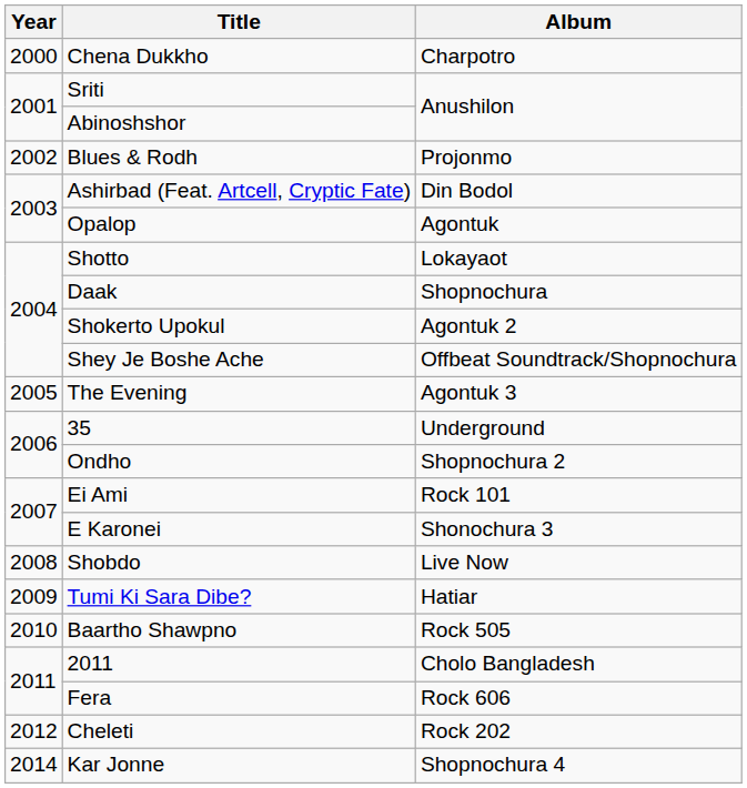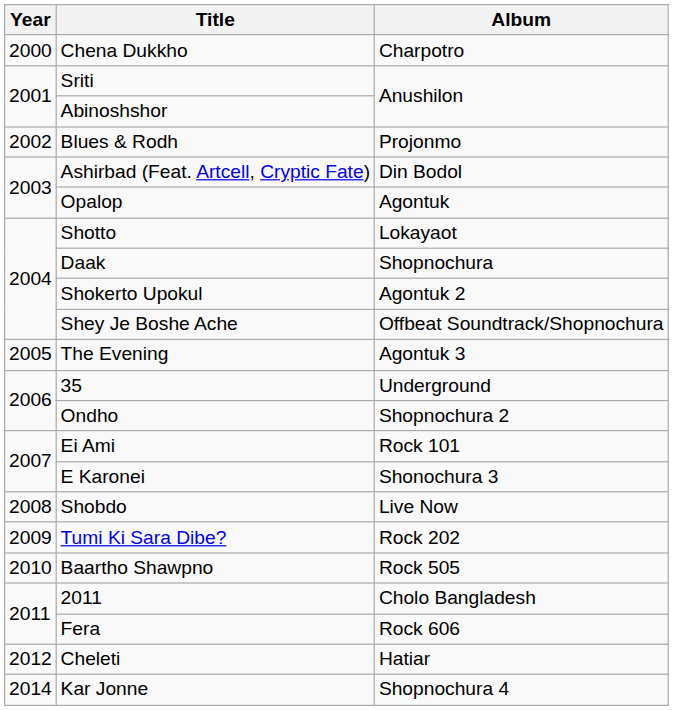 <table class="wikitable">
 <tr>
 <th width="33">Year</th>
 <th>Title</th>
 <th>Album</th>
 </tr>
 <tr>
 <td>2000</td>
 <td>Chena Dukkho</td>
 <td>Charpotro</td>
 </tr>
 <tr>
 <td rowspan="2">2001</td>
 <td>Sriti</td>
 <td rowspan="2">Anushilon</td>
 </tr>
 <tr>
 <td>Abinoshshor</td>
 </tr>
 <tr>
 <td>2002</td>
 <td>Blues & Rodh</td>
 <td>Projonmo</td>
 </tr>
 <tr>
 <td rowspan="2">2003</td>
 <td>Ashirbad (Feat. <a href='#'>Artcell</a>, <a href='#'>Cryptic Fate</a>)</td>
 <td>Din Bodol</td>
 </tr>
 <tr>
 <td>Opalop</td>
 <td>Agontuk</td>
 </tr>
 <tr>
 <td rowspan="4">2004</td>
 <td>Shotto</td>
 <td>Lokayaot</td>
 </tr>
 <tr>
 <td>Daak</td>
 <td>Shopnochura</td>
 </tr>
 <tr>
 <td>Shokerto Upokul</td>
 <td>Agontuk 2</td>
 </tr>
 <tr>
 <td>Shey Je Boshe Ache</td>
 <td>Offbeat Soundtrack/Shopnochura</td>
 </tr>
 <tr>
 <td>2005</td>
 <td>The Evening</td>
 <td>Agontuk 3</td>
 </tr>
 <tr>
 <td rowspan="2">2006</td>
 <td>35</td>
 <td>Underground</td>
 </tr>
 <tr>
 <td>Ondho</td>
 <td>Shopnochura 2</td>
 </tr>
 <tr>
 <td rowspan="2">2007</td>
 <td>Ei Ami</td>
 <td>Rock 101</td>
 </tr>
 <tr>
 <td>E Karonei</td>
 <td>Shonochura 3</td>
 </tr>
 <tr>
 <td>2008</td>
 <td>Shobdo</td>
 <td>Live Now</td>
 </tr>
 <tr>
 <td>2009</td>
 <td><a href='#'>Tumi Ki Sara Dibe?</a></td>
-<td>Hatiar</td>
+<td>Rock 202</td>
 </tr>
 <tr>
 <td>2010</td>
 <td>Baartho Shawpno</td>
 <td>Rock 505</td>
 </tr>
 <tr>
 <td rowspan="2">2011</td>
 <td>2011</td>
 <td>Cholo Bangladesh</td>
 </tr>
 <tr>
 <td>Fera</td>
 <td>Rock 606</td>
 </tr>
 <tr>
 <td>2012</td>
 <td>Cheleti</td>
-<td>Rock 202</td>
+<td>Hatiar</td>
 </tr>
 <tr>
 <td>2014</td>
 <td>Kar Jonne</td>
 <td>Shopnochura 4</td>
 </tr>
 </table>
